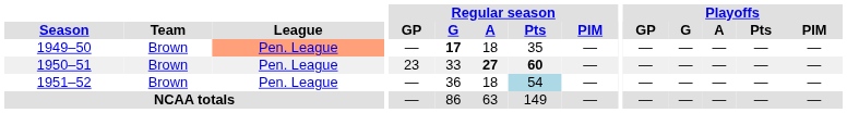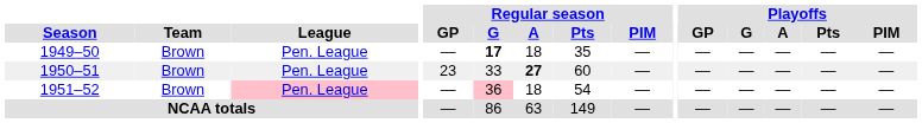 <table border="0" cellpadding="1" cellspacing="0" style="text-align:center; width:60em">
 <tr bgcolor="#e0e0e0">
 <th colspan="3" bgcolor="#ffffff"></th>
 <th rowspan="99" bgcolor="#ffffff"></th>
 <th colspan="5"><a href='#'>Regular season</a></th>
 <th rowspan="99" bgcolor="#ffffff"></th>
 <th colspan="5"><a href='#'>Playoffs</a></th>
 </tr>
 <tr bgcolor="#e0e0e0">
 <th><a href='#'>Season</a></th>
 <th>Team</th>
 <th>League</th>
 <th>GP</th>
 <th><a href='#'>G</a></th>
 <th><a href='#'>A</a></th>
 <th><a href='#'>Pts</a></th>
 <th><a href='#'>PIM</a></th>
 <th>GP</th>
 <th>G</th>
 <th>A</th>
 <th>Pts</th>
 <th>PIM</th>
 </tr>
 <tr>
 <td><a href='#'>1949–50</a></td>
 <td><a href='#'>Brown</a></td>
-<td style="background: lightsalmon;"><a href='#'>Pen. League</a></td>
+<td><a href='#'>Pen. League</a></td>
 <td>—</td>
 <td><strong>17</strong></td>
 <td>18</td>
 <td>35</td>
 <td>—</td>
 <td>—</td>
 <td>—</td>
 <td>—</td>
 <td>—</td>
 <td>—</td>
 </tr>
 <tr bgcolor="#f0f0f0">
 <td><a href='#'>1950–51</a></td>
 <td><a href='#'>Brown</a></td>
 <td><a href='#'>Pen. League</a></td>
 <td>23</td>
 <td>33</td>
 <td><strong>27</strong></td>
-<td><strong>60</strong></td>
+<td>60</td>
 <td>—</td>
 <td>—</td>
 <td>—</td>
 <td>—</td>
 <td>—</td>
 <td>—</td>
 </tr>
 <tr>
 <td><a href='#'>1951–52</a></td>
 <td><a href='#'>Brown</a></td>
-<td><a href='#'>Pen. League</a></td>
+<td style="background: pink;"><a href='#'>Pen. League</a></td>
 <td>—</td>
-<td>36</td>
+<td style="background: pink;">36</td>
 <td>18</td>
-<td style="background: lightblue;">54</td>
+<td>54</td>
 <td>—</td>
 <td>—</td>
 <td>—</td>
 <td>—</td>
 <td>—</td>
 <td>—</td>
 </tr>
 <tr bgcolor="#e0e0e0">
 <th colspan="3">NCAA totals</th>
 <td>—</td>
 <td>86</td>
 <td>63</td>
 <td>149</td>
 <td>—</td>
 <td>—</td>
 <td>—</td>
 <td>—</td>
 <td>—</td>
 <td>—</td>
 </tr>
 </table>
